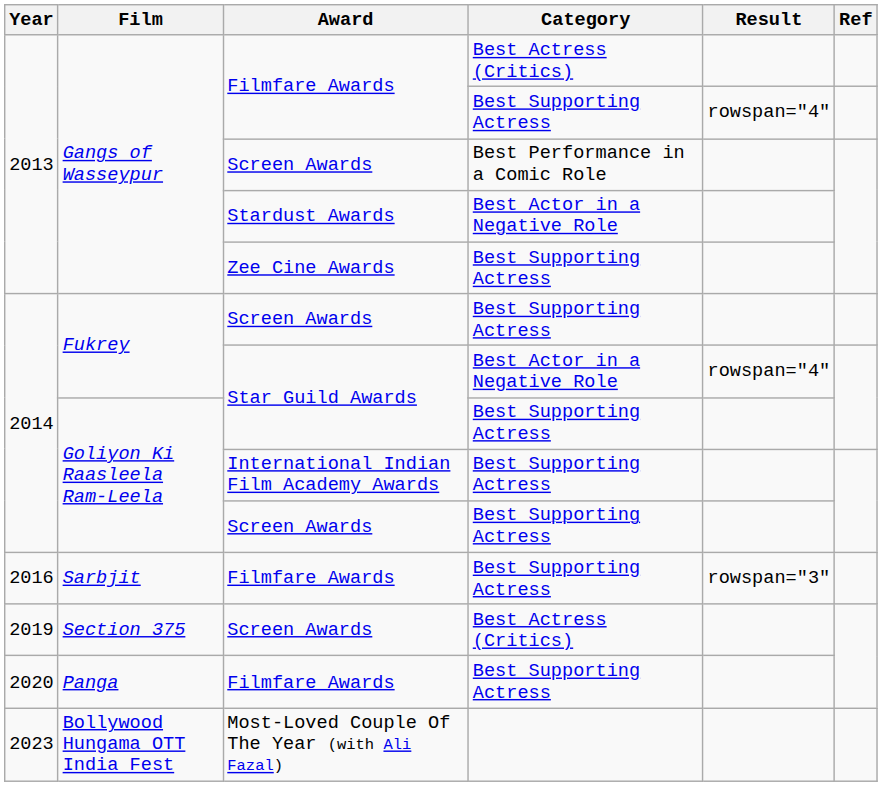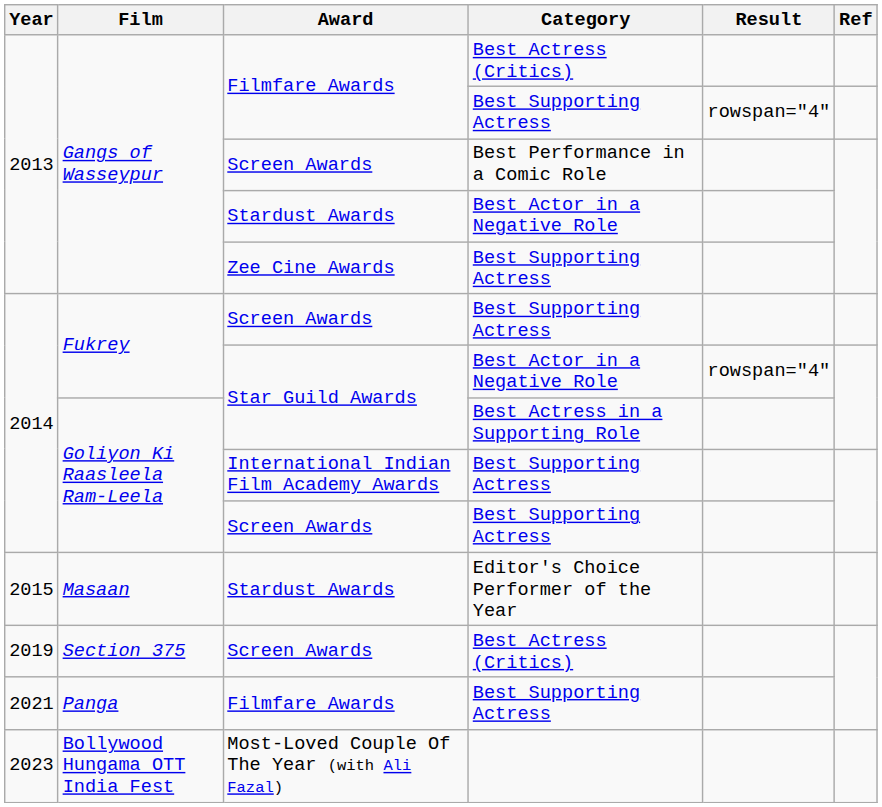 <table class="wikitable plainrowheaders">
 <tr>
 <th width=5%>Year</th>
 <th style="width:20%;">Film</th>
 <th style="width:30%;">Award</th>
 <th style="width:29%;">Category</th>
 <th style="width:15%;">Result</th>
 <th width=1%>Ref</th>
 </tr>
 <tr>
 <td rowspan="5">2013</td>
 <td rowspan="5"><em><a href='#'>Gangs of Wasseypur</a></em></td>
 <td rowspan="2"><a href='#'>Filmfare Awards</a></td>
 <td><a href='#'>Best Actress (Critics)</a></td>
 <td></td>
 <td></td>
 </tr>
 <tr>
 <td><a href='#'>Best Supporting Actress</a></td>
 <td>rowspan="4" </td>
 <td></td>
 </tr>
 <tr>
 <td><a href='#'>Screen Awards</a></td>
 <td>Best Performance in a Comic Role</td>
 <td></td>
 </tr>
 <tr>
 <td><a href='#'>Stardust Awards</a></td>
 <td><a href='#'>Best Actor in a Negative Role</a></td>
 <td></td>
 </tr>
 <tr>
 <td><a href='#'>Zee Cine Awards</a></td>
 <td><a href='#'>Best Supporting Actress</a></td>
 <td></td>
 </tr>
 <tr>
 <td rowspan="5">2014</td>
 <td rowspan="2"><em><a href='#'>Fukrey</a></em></td>
 <td><a href='#'>Screen Awards</a></td>
 <td><a href='#'>Best Supporting Actress</a></td>
 <td></td>
 <td></td>
 </tr>
 <tr>
 <td rowspan="2"><a href='#'>Star Guild Awards</a></td>
 <td><a href='#'>Best Actor in a Negative Role</a></td>
 <td>rowspan="4" </td>
 <td rowspan="2"></td>
 </tr>
 <tr>
 <td rowspan="3"><em><a href='#'>Goliyon Ki Raasleela Ram-Leela</a></em></td>
-<td><a href='#'>Best Supporting Actress</a></td>
+<td><a href='#'>Best Actress in a Supporting Role</a></td>
 </tr>
 <tr>
 <td><a href='#'>International Indian Film Academy Awards</a></td>
 <td><a href='#'>Best Supporting Actress</a></td>
 <td></td>
 </tr>
 <tr>
 <td><a href='#'>Screen Awards</a></td>
 <td><a href='#'>Best Supporting Actress</a></td>
 <td></td>
 </tr>
 <tr>
-<td>2016</td>
-<td><a href='#'><em>Sarbjit</em></a></td>
-<td><a href='#'>Filmfare Awards</a></td>
-<td><a href='#'>Best Supporting Actress</a></td>
-<td>rowspan="3" </td>
+<td>2015</td>
+<td><em><a href='#'>Masaan</a></em></td>
+<td><a href='#'>Stardust Awards</a></td>
+<td>Editor's Choice Performer of the Year</td>
+<td></td>
 <td></td>
 </tr>
 <tr>
 <td>2019</td>
 <td><em><a href='#'>Section 375</a></em></td>
 <td><a href='#'>Screen Awards</a></td>
 <td><a href='#'>Best Actress (Critics)</a></td>
 <td></td>
 </tr>
 <tr>
-<td>2020</td>
+<td>2021</td>
 <td><a href='#'><em>Panga</em></a></td>
 <td><a href='#'>Filmfare Awards</a></td>
 <td><a href='#'>Best Supporting Actress</a></td>
 <td></td>
 </tr>
 <tr>
 <td>2023</td>
 <td><a href='#'>Bollywood Hungama OTT India Fest</a></td>
 <td>Most-Loved Couple Of The Year <small>(with <a href='#'>Ali Fazal</a>)</small></td>
 <td></td>
 <td></td>
 <td></td>
 </tr>
 </table>
